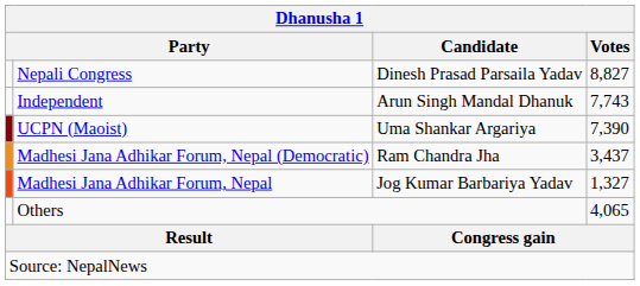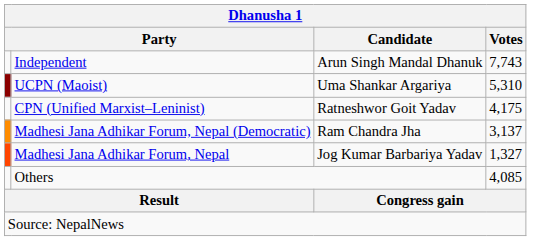 <table class="wikitable">
 <tr>
 <th colspan="4"><a href='#'>Dhanusha 1</a></th>
 </tr>
 <tr>
 <th colspan="2">Party</th>
 <th>Candidate</th>
 <th>Votes</th>
 </tr>
 <tr>
 <td style="background-color:"></td>
-<td><a href='#'>Nepali Congress</a></td>
-<td>Dinesh Prasad Parsaila Yadav</td>
-<td>8,827</td>
-</tr>
-<tr>
-<td style="background-color:"></td>
 <td><a href='#'>Independent</a></td>
 <td>Arun Singh Mandal Dhanuk</td>
 <td>7,743</td>
 </tr>
 <tr>
 <td style="background-color:darkred"></td>
 <td><a href='#'>UCPN (Maoist)</a></td>
 <td>Uma Shankar Argariya</td>
-<td>7,390</td>
+<td>5,310</td>
+</tr>
+<tr>
+<td style="background-color:"></td>
+<td><a href='#'>CPN (Unified Marxist–Leninist)</a></td>
+<td>Ratneshwor Goit Yadav</td>
+<td>4,175</td>
 </tr>
 <tr>
 <td style="background-color:darkorange"></td>
 <td><a href='#'>Madhesi Jana Adhikar Forum, Nepal (Democratic)</a></td>
 <td>Ram Chandra Jha</td>
-<td>3,437</td>
+<td>3,137</td>
 </tr>
 <tr>
 <td style="background-color:orangered"></td>
 <td><a href='#'>Madhesi Jana Adhikar Forum, Nepal</a></td>
 <td>Jog Kumar Barbariya Yadav</td>
 <td>1,327</td>
 </tr>
 <tr>
 <td></td>
 <td colspan="2">Others</td>
-<td>4,065</td>
+<td>4,085</td>
 </tr>
 <tr>
 <th colspan="2">Result</th>
 <th colspan="2">Congress gain</th>
 </tr>
 <tr>
 <td colspan="4">Source: NepalNews</td>
 </tr>
 </table>
